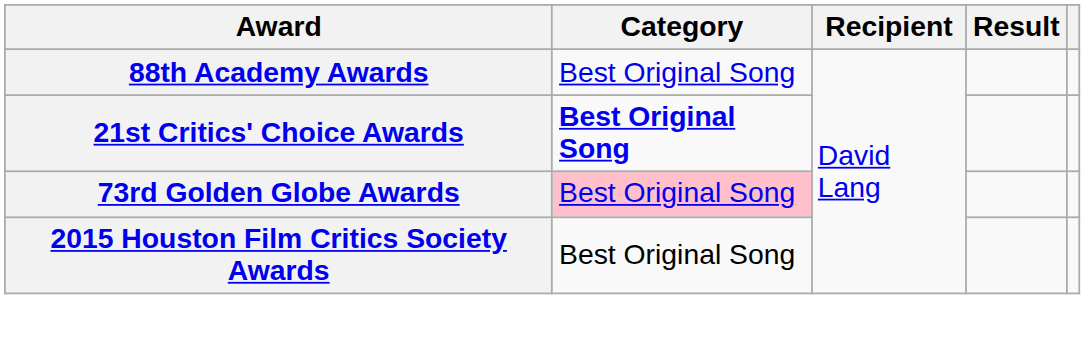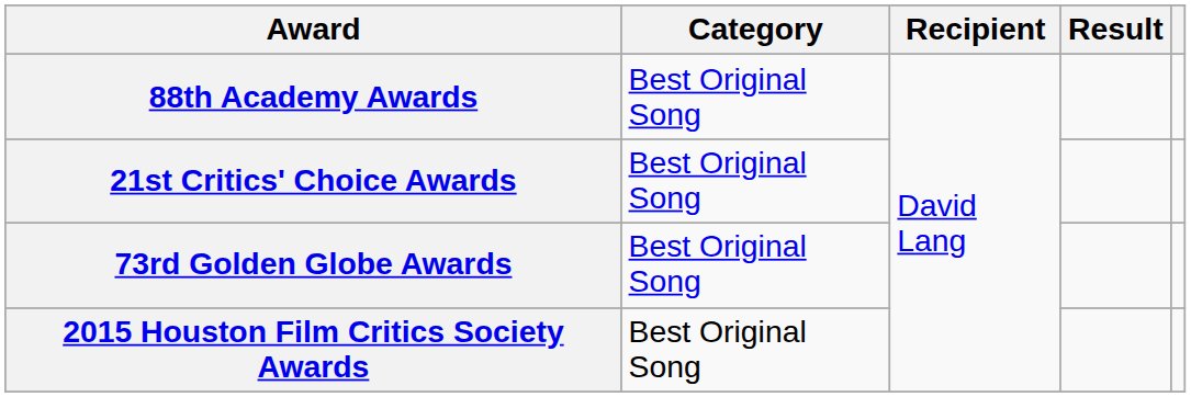 <table class="wikitable plainrowheaders sortable">
 <tr style="text-align:center;">
 <th scope="col">Award</th>
 <th scope="col">Category</th>
 <th scope="col">Recipient</th>
 <th scope="col">Result</th>
 <th scope="col" class="unsortable"></th>
 </tr>
 <tr>
 <th scope="row"><a href='#'>88th Academy Awards</a></th>
 <td><a href='#'>Best Original Song</a></td>
 <td rowspan="4"><a href='#'>David Lang</a></td>
 <td></td>
 <td></td>
 </tr>
 <tr>
 <th scope="row"><a href='#'>21st Critics' Choice Awards</a></th>
-<td><strong><a href='#'>Best Original Song</a></strong></td>
+<td><a href='#'>Best Original Song</a></td>
 <td></td>
 <td></td>
 </tr>
 <tr>
 <th scope="row"><a href='#'>73rd Golden Globe Awards</a></th>
-<td style="background: pink;"><a href='#'>Best Original Song</a></td>
+<td><a href='#'>Best Original Song</a></td>
 <td></td>
 <td></td>
 </tr>
 <tr>
 <th scope="row"><a href='#'>2015 Houston Film Critics Society Awards</a></th>
 <td>Best Original Song</td>
 <td></td>
 <td></td>
 </tr>
 </table>
